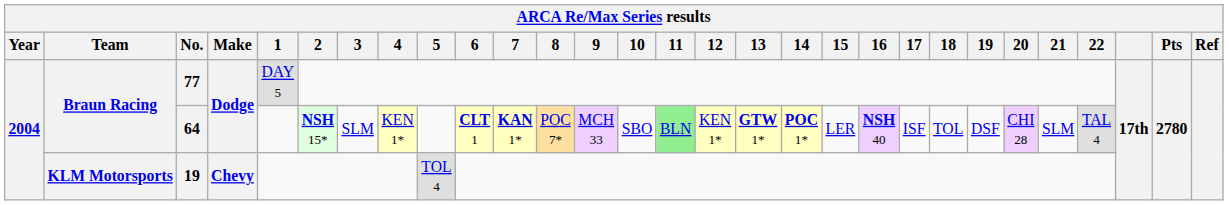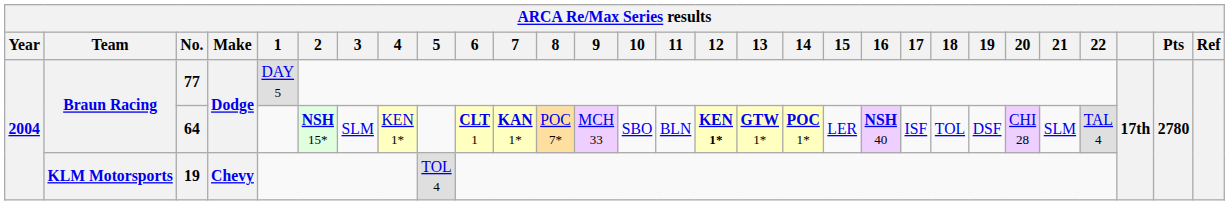 <table class="wikitable" style="text-align:center; font-size:75%">
 <tr>
 <th colspan=45><a href='#'>ARCA Re/Max Series</a> results</th>
 </tr>
 <tr>
 <th>Year</th>
 <th>Team</th>
 <th>No.</th>
 <th>Make</th>
 <th>1</th>
 <th>2</th>
 <th>3</th>
 <th>4</th>
 <th>5</th>
 <th>6</th>
 <th>7</th>
 <th>8</th>
 <th>9</th>
 <th>10</th>
 <th>11</th>
 <th>12</th>
 <th>13</th>
 <th>14</th>
 <th>15</th>
 <th>16</th>
 <th>17</th>
 <th>18</th>
 <th>19</th>
 <th>20</th>
 <th>21</th>
 <th>22</th>
 <th></th>
 <th>Pts</th>
 <th>Ref</th>
 </tr>
 <tr>
 <th rowspan=3><a href='#'>2004</a></th>
 <th rowspan=2><a href='#'>Braun Racing</a></th>
 <th>77</th>
 <th rowspan=2><a href='#'>Dodge</a></th>
 <td style="background:#DFDFDF;"><a href='#'>DAY</a><br><small>5</small></td>
 <td colspan=21></td>
 <th rowspan=3>17th</th>
 <th rowspan=3>2780</th>
 <th rowspan=3></th>
 </tr>
 <tr>
 <th>64</th>
 <td></td>
 <td style="background:#DFFFDF;"><strong><a href='#'>NSH</a></strong><br><small>15*</small></td>
 <td><a href='#'>SLM</a></td>
 <td style="background:#FFFFBF;"><a href='#'>KEN</a><br><small>1*</small></td>
 <td></td>
 <td style="background:#FFFFBF;"><strong><a href='#'>CLT</a></strong><br><small>1</small></td>
 <td style="background:#FFFFBF;"><strong><a href='#'>KAN</a></strong><br><small>1*</small></td>
 <td style="background:#FFDF9F;"><a href='#'>POC</a><br><small>7*</small></td>
 <td style="background:#EFCFFF;"><a href='#'>MCH</a><br><small>33</small></td>
 <td><a href='#'>SBO</a></td>
-<td style="background: lightgreen;"><a href='#'>BLN</a></td>
-<td style="background:#FFFFBF;"><a href='#'>KEN</a><br><small>1*</small></td>
+<td><a href='#'>BLN</a></td>
+<td style="background:#FFFFBF;"><strong><a href='#'>KEN</a><br><small>1*</small></strong></td>
 <td style="background:#FFFFBF;"><strong><a href='#'>GTW</a></strong><br><small>1*</small></td>
 <td style="background:#FFFFBF;"><strong><a href='#'>POC</a></strong><br><small>1*</small></td>
 <td><a href='#'>LER</a></td>
 <td style="background:#EFCFFF;"><strong><a href='#'>NSH</a></strong><br><small>40</small></td>
 <td><a href='#'>ISF</a></td>
 <td><a href='#'>TOL</a></td>
 <td><a href='#'>DSF</a></td>
 <td style="background:#EFCFFF;"><a href='#'>CHI</a><br><small>28</small></td>
 <td><a href='#'>SLM</a></td>
 <td style="background:#DFDFDF;"><a href='#'>TAL</a><br><small>4</small></td>
 </tr>
 <tr>
 <th><a href='#'>KLM Motorsports</a></th>
 <th>19</th>
 <th><a href='#'>Chevy</a></th>
 <td colspan=4></td>
 <td style="background:#DFDFDF;"><a href='#'>TOL</a><br><small>4</small></td>
 <td colspan=17></td>
 </tr>
 </table>
